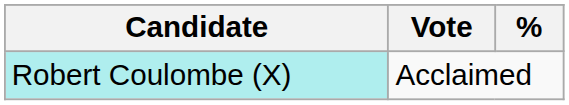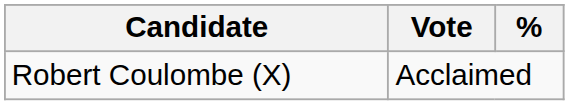 <table class="wikitable">
 <tr>
 <th bgcolor="#DDDDFF" width="200px">Candidate</th>
 <th bgcolor="#DDDDFF" width="50px">Vote</th>
 <th bgcolor="#DDDDFF" width="30px">%</th>
 </tr>
 <tr>
-<td style="background: paleturquoise;">Robert Coulombe (X)</td>
+<td>Robert Coulombe (X)</td>
 <td colspan="2">Acclaimed</td>
 </tr>
 </table>
